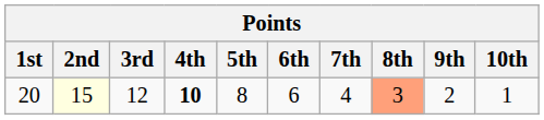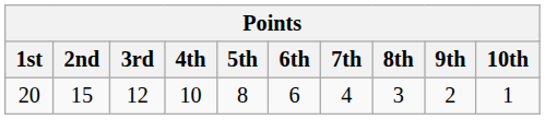 <table class="wikitable" style="font-size:95%; text-align:center">
 <tr>
 <th colspan="10">Points</th>
 </tr>
 <tr>
 <th> 1st </th>
 <th> 2nd </th>
 <th> 3rd </th>
 <th> 4th </th>
 <th> 5th </th>
 <th> 6th </th>
 <th> 7th </th>
 <th> 8th </th>
 <th> 9th </th>
 <th> 10th </th>
 </tr>
 <tr>
 <td>20</td>
-<td style="background: lightyellow;">15</td>
+<td>15</td>
 <td>12</td>
-<td><strong>10</strong></td>
+<td>10</td>
 <td>8</td>
 <td>6</td>
 <td>4</td>
-<td style="background: lightsalmon;">3</td>
+<td>3</td>
 <td>2</td>
 <td>1</td>
 </tr>
 </table>
